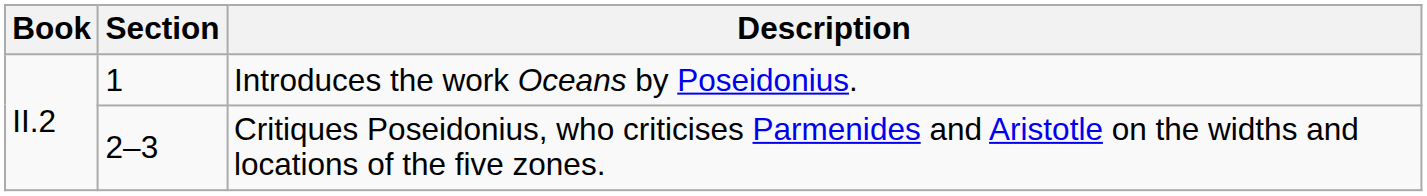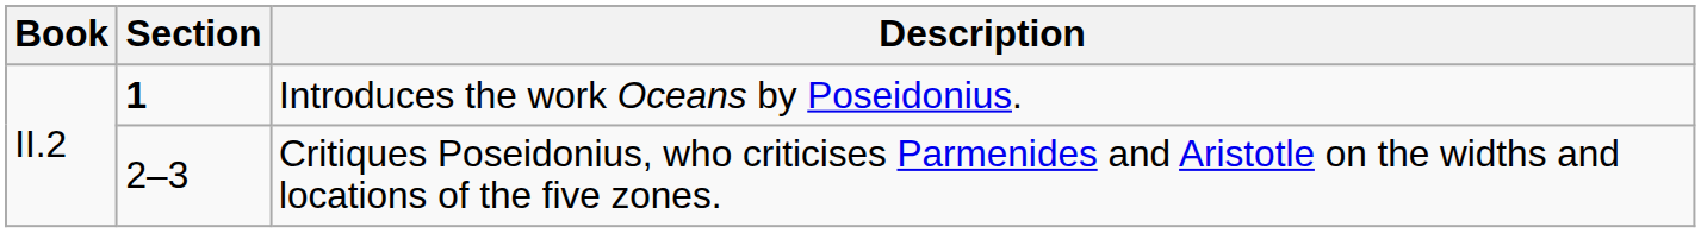 <table class="wikitable" style="max-width:45em;">
 <tr>
 <th>Book</th>
 <th>Section</th>
 <th>Description</th>
 </tr>
 <tr>
 <td rowspan="2">II.2</td>
-<td>1</td>
+<td><strong>1</strong></td>
 <td>Introduces the work <em>Oceans</em> by <a href='#'>Poseidonius</a>.</td>
 </tr>
 <tr>
 <td>2–3</td>
 <td>Critiques Poseidonius, who criticises <a href='#'>Parmenides</a> and <a href='#'>Aristotle</a> on the widths and locations of the five zones.</td>
 </tr>
 </table>
